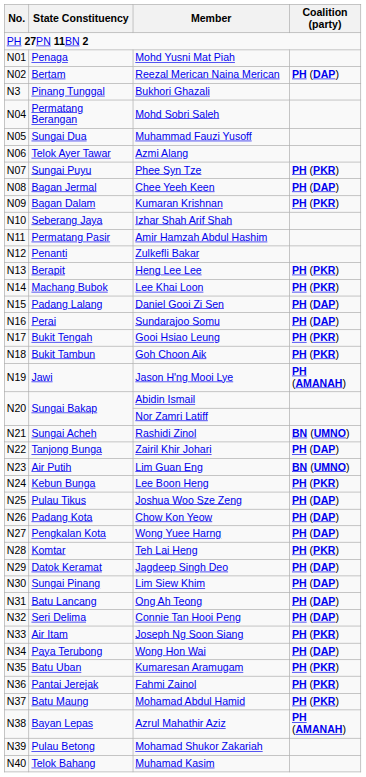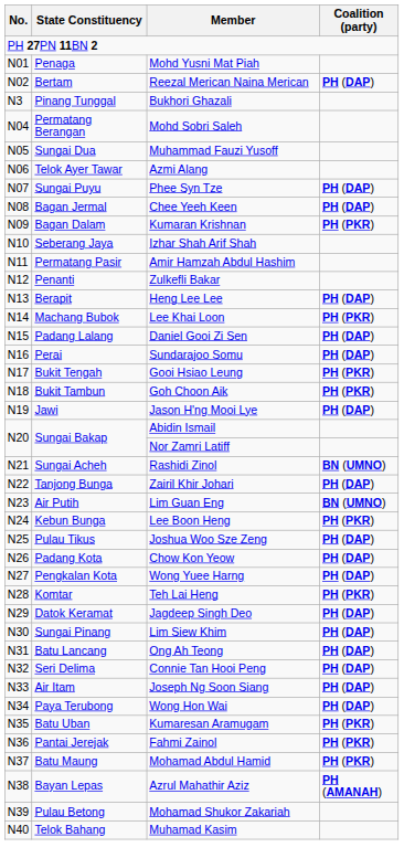 <table class="wikitable sortable">
 <tr>
 <th style="width:30px;">No.</th>
 <th style="width:150px;">State Constituency</th>
 <th style="width:230px;">Member</th>
 <th style="width:100px;">Coalition (party)</th>
 </tr>
 <tr>
 <td colspan="4"><a href='#'>PH</a> <strong>27</strong><a href='#'>PN</a> <strong>11</strong><a href='#'>BN</a> <strong>2</strong></td>
 </tr>
 <tr>
 <td>N01</td>
 <td><a href='#'>Penaga</a></td>
 <td><a href='#'>Mohd Yusni Mat Piah</a></td>
 <td></td>
 </tr>
 <tr>
 <td>N02</td>
 <td><a href='#'>Bertam</a></td>
 <td><a href='#'>Reezal Merican Naina Merican</a></td>
 <td><strong><a href='#'>PH</a></strong> (<strong><a href='#'>DAP</a></strong>)</td>
 </tr>
 <tr>
 <td>N3</td>
 <td><a href='#'>Pinang Tunggal</a></td>
 <td><a href='#'>Bukhori Ghazali</a></td>
 <td></td>
 </tr>
 <tr>
 <td>N04</td>
 <td><a href='#'>Permatang Berangan</a></td>
 <td><a href='#'>Mohd Sobri Saleh</a></td>
 <td></td>
 </tr>
 <tr>
 <td>N05</td>
 <td><a href='#'>Sungai Dua</a></td>
 <td><a href='#'>Muhammad Fauzi Yusoff</a></td>
 <td></td>
 </tr>
 <tr>
 <td>N06</td>
 <td><a href='#'>Telok Ayer Tawar</a></td>
 <td><a href='#'>Azmi Alang</a></td>
 <td></td>
 </tr>
 <tr>
 <td>N07</td>
 <td><a href='#'>Sungai Puyu</a></td>
 <td><a href='#'>Phee Syn Tze</a></td>
-<td><strong><a href='#'>PH</a></strong> (<strong><a href='#'>PKR</a></strong>)</td>
+<td><strong><a href='#'>PH</a></strong> (<strong><a href='#'>DAP</a></strong>)</td>
 </tr>
 <tr>
 <td>N08</td>
 <td><a href='#'>Bagan Jermal</a></td>
 <td><a href='#'>Chee Yeeh Keen</a></td>
 <td><strong><a href='#'>PH</a></strong> (<strong><a href='#'>DAP</a></strong>)</td>
 </tr>
 <tr>
 <td>N09</td>
 <td><a href='#'>Bagan Dalam</a></td>
 <td><a href='#'>Kumaran Krishnan</a></td>
 <td><strong><a href='#'>PH</a></strong> (<strong><a href='#'>PKR</a></strong>)</td>
 </tr>
 <tr>
 <td>N10</td>
 <td><a href='#'>Seberang Jaya</a></td>
 <td><a href='#'>Izhar Shah Arif Shah</a></td>
 <td></td>
 </tr>
 <tr>
 <td>N11</td>
 <td><a href='#'>Permatang Pasir</a></td>
 <td><a href='#'>Amir Hamzah Abdul Hashim</a></td>
 <td></td>
 </tr>
 <tr>
 <td>N12</td>
 <td><a href='#'>Penanti</a></td>
 <td><a href='#'>Zulkefli Bakar</a></td>
 <td></td>
 </tr>
 <tr>
 <td>N13</td>
 <td><a href='#'>Berapit</a></td>
 <td><a href='#'>Heng Lee Lee</a></td>
-<td><strong><a href='#'>PH</a></strong> (<strong><a href='#'>PKR</a></strong>)</td>
+<td><strong><a href='#'>PH</a></strong> (<strong><a href='#'>DAP</a></strong>)</td>
 </tr>
 <tr>
 <td>N14</td>
 <td><a href='#'>Machang Bubok</a></td>
 <td><a href='#'>Lee Khai Loon</a></td>
 <td><strong><a href='#'>PH</a></strong> (<strong><a href='#'>PKR</a></strong>)</td>
 </tr>
 <tr>
 <td>N15</td>
 <td><a href='#'>Padang Lalang</a></td>
 <td><a href='#'>Daniel Gooi Zi Sen</a></td>
 <td><strong><a href='#'>PH</a></strong> (<strong><a href='#'>DAP</a></strong>)</td>
 </tr>
 <tr>
 <td>N16</td>
 <td><a href='#'>Perai</a></td>
 <td><a href='#'>Sundarajoo Somu</a></td>
 <td><strong><a href='#'>PH</a></strong> (<strong><a href='#'>DAP</a></strong>)</td>
 </tr>
 <tr>
 <td>N17</td>
 <td><a href='#'>Bukit Tengah</a></td>
 <td><a href='#'>Gooi Hsiao Leung</a></td>
 <td><strong><a href='#'>PH</a></strong> (<strong><a href='#'>PKR</a></strong>)</td>
 </tr>
 <tr>
 <td>N18</td>
 <td><a href='#'>Bukit Tambun</a></td>
 <td><a href='#'>Goh Choon Aik</a></td>
 <td><strong><a href='#'>PH</a></strong> (<strong><a href='#'>PKR</a></strong>)</td>
 </tr>
 <tr>
 <td>N19</td>
 <td><a href='#'>Jawi</a></td>
 <td><a href='#'>Jason H'ng Mooi Lye</a></td>
-<td><strong><a href='#'>PH</a></strong> (<strong><a href='#'>AMANAH</a></strong>)</td>
+<td><strong><a href='#'>PH</a></strong> (<strong><a href='#'>DAP</a></strong>)</td>
 </tr>
 <tr>
 <td rowspan=2>N20</td>
 <td rowspan=2><a href='#'>Sungai Bakap</a></td>
 <td><a href='#'>Abidin Ismail</a> </td>
 <td></td>
 </tr>
 <tr>
 <td><a href='#'>Nor Zamri Latiff</a> </td>
 <td></td>
 </tr>
 <tr>
 <td>N21</td>
 <td><a href='#'>Sungai Acheh</a></td>
 <td><a href='#'>Rashidi Zinol</a></td>
 <td><strong><a href='#'>BN</a></strong> (<strong><a href='#'>UMNO</a></strong>)</td>
 </tr>
 <tr>
 <td>N22</td>
 <td><a href='#'>Tanjong Bunga</a></td>
 <td><a href='#'>Zairil Khir Johari</a></td>
 <td><strong><a href='#'>PH</a></strong> (<strong><a href='#'>DAP</a></strong>)</td>
 </tr>
 <tr>
 <td>N23</td>
 <td><a href='#'>Air Putih</a></td>
 <td><a href='#'>Lim Guan Eng</a></td>
 <td><strong><a href='#'>BN</a></strong> (<strong><a href='#'>UMNO</a></strong>)</td>
 </tr>
 <tr>
 <td>N24</td>
 <td><a href='#'>Kebun Bunga</a></td>
 <td><a href='#'>Lee Boon Heng</a></td>
 <td><strong><a href='#'>PH</a></strong> (<strong><a href='#'>PKR</a></strong>)</td>
 </tr>
 <tr>
 <td>N25</td>
 <td><a href='#'>Pulau Tikus</a></td>
 <td><a href='#'>Joshua Woo Sze Zeng</a></td>
 <td><strong><a href='#'>PH</a></strong> (<strong><a href='#'>DAP</a></strong>)</td>
 </tr>
 <tr>
 <td>N26</td>
 <td><a href='#'>Padang Kota</a></td>
 <td><a href='#'>Chow Kon Yeow</a></td>
 <td><strong><a href='#'>PH</a></strong> (<strong><a href='#'>DAP</a></strong>)</td>
 </tr>
 <tr>
 <td>N27</td>
 <td><a href='#'>Pengkalan Kota</a></td>
 <td><a href='#'>Wong Yuee Harng</a></td>
 <td><strong><a href='#'>PH</a></strong> (<strong><a href='#'>DAP</a></strong>)</td>
 </tr>
 <tr>
 <td>N28</td>
 <td><a href='#'>Komtar</a></td>
 <td><a href='#'>Teh Lai Heng</a></td>
 <td><strong><a href='#'>PH</a></strong> (<strong><a href='#'>PKR</a></strong>)</td>
 </tr>
 <tr>
 <td>N29</td>
 <td><a href='#'>Datok Keramat</a></td>
 <td><a href='#'>Jagdeep Singh Deo</a></td>
 <td><strong><a href='#'>PH</a></strong> (<strong><a href='#'>DAP</a></strong>)</td>
 </tr>
 <tr>
 <td>N30</td>
 <td><a href='#'>Sungai Pinang</a></td>
 <td><a href='#'>Lim Siew Khim</a></td>
 <td><strong><a href='#'>PH</a></strong> (<strong><a href='#'>DAP</a></strong>)</td>
 </tr>
 <tr>
 <td>N31</td>
 <td><a href='#'>Batu Lancang</a></td>
 <td><a href='#'>Ong Ah Teong</a></td>
 <td><strong><a href='#'>PH</a></strong> (<strong><a href='#'>DAP</a></strong>)</td>
 </tr>
 <tr>
 <td>N32</td>
 <td><a href='#'>Seri Delima</a></td>
 <td><a href='#'>Connie Tan Hooi Peng</a></td>
 <td><strong><a href='#'>PH</a></strong> (<strong><a href='#'>DAP</a></strong>)</td>
 </tr>
 <tr>
 <td>N33</td>
 <td><a href='#'>Air Itam</a></td>
 <td><a href='#'>Joseph Ng Soon Siang</a></td>
-<td><strong><a href='#'>PH</a></strong> (<strong><a href='#'>PKR</a></strong>)</td>
+<td><strong><a href='#'>PH</a></strong> (<strong><a href='#'>DAP</a></strong>)</td>
 </tr>
 <tr>
 <td>N34</td>
 <td><a href='#'>Paya Terubong</a></td>
 <td><a href='#'>Wong Hon Wai</a></td>
 <td><strong><a href='#'>PH</a></strong> (<strong><a href='#'>DAP</a></strong>)</td>
 </tr>
 <tr>
 <td>N35</td>
 <td><a href='#'>Batu Uban</a></td>
 <td><a href='#'>Kumaresan Aramugam</a></td>
 <td><strong><a href='#'>PH</a></strong> (<strong><a href='#'>PKR</a></strong>)</td>
 </tr>
 <tr>
 <td>N36</td>
 <td><a href='#'>Pantai Jerejak</a></td>
 <td><a href='#'>Fahmi Zainol</a></td>
 <td><strong><a href='#'>PH</a></strong> (<strong><a href='#'>PKR</a></strong>)</td>
 </tr>
 <tr>
 <td>N37</td>
 <td><a href='#'>Batu Maung</a></td>
 <td><a href='#'>Mohamad Abdul Hamid</a></td>
 <td><strong><a href='#'>PH</a></strong> (<strong><a href='#'>PKR</a></strong>)</td>
 </tr>
 <tr>
 <td>N38</td>
 <td><a href='#'>Bayan Lepas</a></td>
 <td><a href='#'>Azrul Mahathir Aziz</a></td>
 <td><strong><a href='#'>PH</a></strong> (<strong><a href='#'>AMANAH</a></strong>)</td>
 </tr>
 <tr>
 <td>N39</td>
 <td><a href='#'>Pulau Betong</a></td>
 <td><a href='#'>Mohamad Shukor Zakariah</a></td>
 <td></td>
 </tr>
 <tr>
 <td>N40</td>
 <td><a href='#'>Telok Bahang</a></td>
 <td><a href='#'>Muhamad Kasim</a></td>
 <td></td>
 </tr>
 </table>
